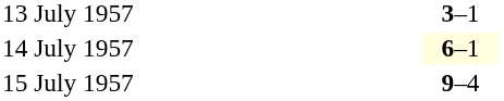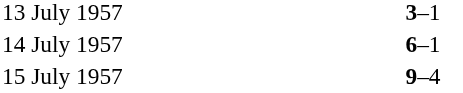 <table style="text-align:center" width=500>
 <tr>
 <th width=30%></th>
 <th width=30%></th>
 <th width=10%></th>
 <th width=30%></th>
 <th width=10%></th>
 </tr>
 <tr>
 <td>13 July 1957</td>
 <td align="right"><strong></strong></td>
 <td><strong>3</strong>–1</td>
 <td align="left"></td>
 </tr>
 <tr>
 <td>14 July 1957</td>
 <td align="right"><strong></strong></td>
-<td style="background: lightyellow;"><strong>6</strong>–1</td>
+<td><strong>6</strong>–1</td>
 <td align="left"></td>
 </tr>
 <tr>
 <td>15 July 1957</td>
 <td align="right"><strong></strong></td>
 <td><strong>9</strong>–4</td>
 <td align="left"></td>
 </tr>
 </table>
